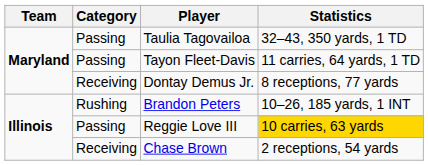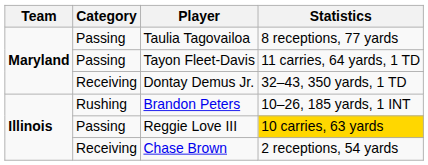 <table class="wikitable" style="float: right;">
 <tr>
 <th>Team</th>
 <th>Category</th>
 <th>Player</th>
 <th>Statistics</th>
 </tr>
 <tr>
 <td rowspan=3><strong>Maryland</strong></td>
 <td>Passing</td>
 <td>Taulia Tagovailoa</td>
-<td>32–43, 350 yards, 1 TD</td>
+<td>8 receptions, 77 yards</td>
 </tr>
 <tr>
 <td>Passing</td>
 <td>Tayon Fleet-Davis</td>
 <td>11 carries, 64 yards, 1 TD</td>
 </tr>
 <tr>
 <td>Receiving</td>
 <td>Dontay Demus Jr.</td>
-<td>8 receptions, 77 yards</td>
+<td>32–43, 350 yards, 1 TD</td>
 </tr>
 <tr>
 <td rowspan=3><strong>Illinois</strong></td>
 <td>Rushing</td>
 <td><a href='#'>Brandon Peters</a></td>
 <td>10–26, 185 yards, 1 INT</td>
 </tr>
 <tr>
 <td>Passing</td>
 <td>Reggie Love III</td>
 <td style="background: gold;">10 carries, 63 yards</td>
 </tr>
 <tr>
 <td>Receiving</td>
 <td><a href='#'>Chase Brown</a></td>
 <td>2 receptions, 54 yards</td>
 </tr>
 </table>
